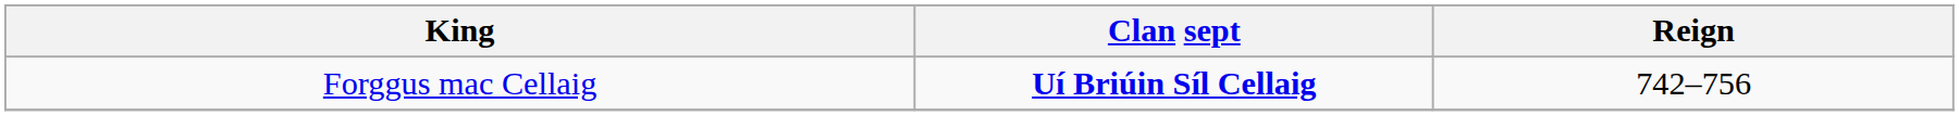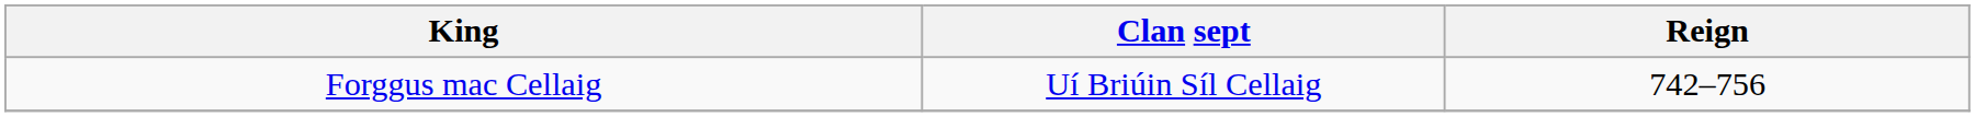 <table width=75% class="wikitable">
 <tr>
 <th width=35%>King</th>
 <th width=20%><a href='#'>Clan</a> <a href='#'>sept</a></th>
 <th width=20%>Reign</th>
 </tr>
 <tr>
 <td align="center"><a href='#'>Forggus mac Cellaig</a></td>
-<td align="center"><strong><a href='#'>Uí Briúin Síl Cellaig</a></strong></td>
+<td align="center"><a href='#'>Uí Briúin Síl Cellaig</a></td>
 <td align="center">742–756</td>
 </tr>
 <tr>
 </tr>
 </table>
